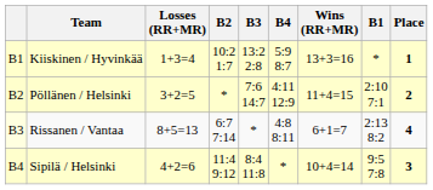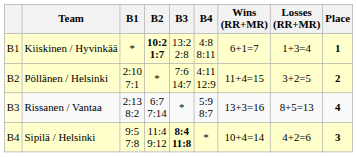 <table class="wikitable" style="text-align:center;">
 <tr>
 <th></th>
 <th>Team</th>
-<th width="20">Losses<br>(RR+MR)</th>
+<th width="25">B1</th>
 <th width="25">B2</th>
 <th width="25">B3</th>
 <th width="25">B4</th>
 <th width="20">Wins<br>(RR+MR)</th>
-<th width="25">B1</th>
+<th width="20">Losses<br>(RR+MR)</th>
 <th>Place</th>
 </tr>
 <tr bgcolor=#ffc>
 <td>B1</td>
 <td align=left>Kiiskinen / Hyvinkää</td>
+<td>*</td>
+<td><strong>10:2<br> 1:7</strong></td>
+<td>13:2<br> 2:8</td>
+<td>4:8<br>8:11</td>
+<td>6+1=7</td>
 <td>1+3=4</td>
-<td>10:2<br> 1:7</td>
-<td>13:2<br> 2:8</td>
-<td>5:9<br> 8:7</td>
-<td>13+3=16</td>
-<td>*</td>
 <td><strong>1</strong></td>
 </tr>
 <tr bgcolor=#ffc>
 <td>B2</td>
 <td align=left>Pöllänen / Helsinki</td>
-<td>3+2=5</td>
+<td>2:10<br> 7:1</td>
 <td>*</td>
 <td>7:6<br>14:7</td>
 <td>4:11<br>12:9</td>
 <td>11+4=15</td>
-<td>2:10<br> 7:1</td>
+<td>3+2=5</td>
 <td><strong>2</strong></td>
 </tr>
 <tr>
 <td style="background: lightyellow;">B3</td>
 <td align=left>Rissanen / Vantaa</td>
-<td>8+5=13</td>
+<td>2:13<br> 8:2</td>
 <td>6:7<br>7:14</td>
 <td>*</td>
-<td>4:8<br>8:11</td>
-<td>6+1=7</td>
-<td>2:13<br> 8:2</td>
+<td>5:9<br> 8:7</td>
+<td>13+3=16</td>
+<td>8+5=13</td>
 <td><strong>4</strong></td>
 </tr>
 <tr bgcolor=#ffc>
 <td>B4</td>
 <td align=left>Sipilä / Helsinki</td>
-<td>4+2=6</td>
+<td>9:5<br> 7:8</td>
 <td>11:4<br>9:12</td>
-<td>8:4<br>11:8</td>
+<td><strong>8:4<br>11:8</strong></td>
 <td>*</td>
 <td>10+4=14</td>
-<td>9:5<br> 7:8</td>
+<td>4+2=6</td>
 <td><strong>3</strong></td>
 </tr>
 </table>
